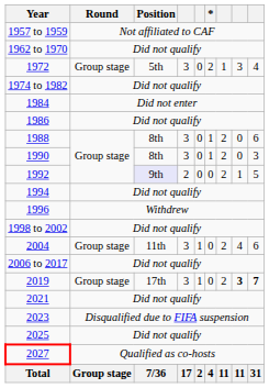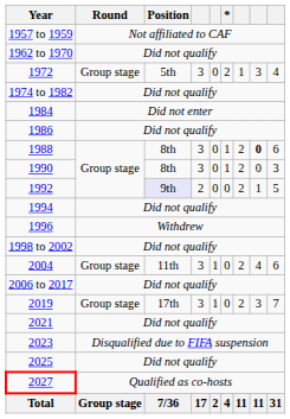 <table class="wikitable" style="text-align: center;">
 <tr>
 <th>Year</th>
 <th>Round</th>
 <th>Position</th>
 <th></th>
 <th></th>
 <th>*</th>
 <th></th>
 <th></th>
 <th></th>
 </tr>
 <tr>
 <td> <a href='#'>1957</a> to  <a href='#'>1959</a></td>
 <td colspan=8><em>Not affiliated to CAF</em></td>
 </tr>
 <tr>
 <td> <a href='#'>1962</a> to  <a href='#'>1970</a></td>
 <td colspan=8><em>Did not qualify</em></td>
 </tr>
 <tr>
 <td> <a href='#'>1972</a></td>
 <td>Group stage</td>
 <td>5th</td>
 <td>3</td>
 <td>0</td>
 <td>2</td>
 <td>1</td>
 <td>3</td>
 <td>4</td>
 </tr>
 <tr>
 <td> <a href='#'>1974</a> to  <a href='#'>1982</a></td>
 <td colspan=8><em>Did not qualify</em></td>
 </tr>
 <tr>
 <td> <a href='#'>1984</a></td>
 <td colspan=8><em>Did not enter</em></td>
 </tr>
 <tr>
 <td> <a href='#'>1986</a></td>
 <td colspan=8><em>Did not qualify</em></td>
 </tr>
 <tr>
 <td> <a href='#'>1988</a></td>
 <td rowspan=3>Group stage</td>
 <td>8th</td>
 <td>3</td>
 <td>0</td>
 <td>1</td>
 <td>2</td>
-<td>0</td>
+<td><strong>0</strong></td>
 <td>6</td>
 </tr>
 <tr>
 <td> <a href='#'>1990</a></td>
 <td>8th</td>
 <td>3</td>
 <td>0</td>
 <td>1</td>
 <td>2</td>
 <td>0</td>
 <td>3</td>
 </tr>
 <tr>
 <td> <a href='#'>1992</a></td>
 <td style="background: lavender;">9th</td>
 <td>2</td>
 <td>0</td>
 <td>0</td>
 <td>2</td>
 <td>1</td>
 <td>5</td>
 </tr>
 <tr>
 <td> <a href='#'>1994</a></td>
 <td colspan=8><em>Did not qualify</em></td>
 </tr>
 <tr>
 <td> <a href='#'>1996</a></td>
 <td colspan=8><em>Withdrew</em></td>
 </tr>
 <tr>
 <td> <a href='#'>1998</a> to  <a href='#'>2002</a></td>
 <td colspan=8><em>Did not qualify</em></td>
 </tr>
 <tr>
 <td> <a href='#'>2004</a></td>
 <td>Group stage</td>
 <td>11th</td>
 <td>3</td>
 <td>1</td>
 <td>0</td>
 <td>2</td>
 <td>4</td>
 <td>6</td>
 </tr>
 <tr>
 <td> <a href='#'>2006</a> to  <a href='#'>2017</a></td>
 <td colspan=8><em>Did not qualify</em></td>
 </tr>
 <tr>
 <td> <a href='#'>2019</a></td>
 <td>Group stage</td>
 <td>17th</td>
 <td>3</td>
 <td>1</td>
 <td>0</td>
 <td>2</td>
-<td><strong>3</strong></td>
-<td><strong>7</strong></td>
+<td>3</td>
+<td>7</td>
 </tr>
 <tr>
 <td> <a href='#'>2021</a></td>
 <td colspan=8><em>Did not qualify</em></td>
 </tr>
 <tr>
 <td> <a href='#'>2023</a></td>
 <td colspan=8><em>Disqualified due to <a href='#'>FIFA</a> suspension</em></td>
 </tr>
 <tr>
 <td> <a href='#'>2025</a></td>
 <td colspan=8><em>Did not qualify</em></td>
 </tr>
 <tr>
 <td style="border: 3px solid red">   <a href='#'>2027</a></td>
 <td colspan=8><em>Qualified as co-hosts</em></td>
 </tr>
 <tr>
 <th>Total</th>
 <th>Group stage</th>
 <th>7/36</th>
 <th>17</th>
 <th>2</th>
 <th>4</th>
 <th>11</th>
 <th>11</th>
 <th>31</th>
 </tr>
 </table>
